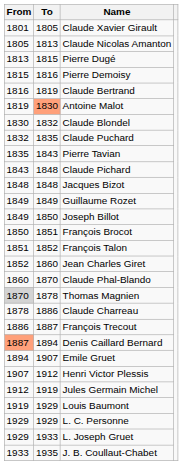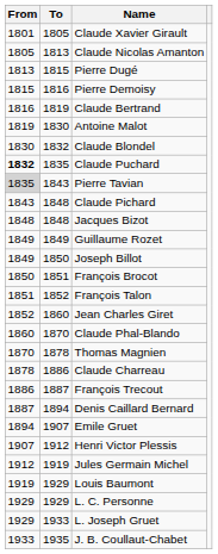 <table class="wikitable">
 <tr>
 <th>From</th>
 <th>To</th>
 <th>Name</th>
 <th></th>
 </tr>
 <tr>
 <td>1801</td>
 <td>1805</td>
 <td>Claude Xavier Girault</td>
 </tr>
 <tr>
 <td>1805</td>
 <td>1813</td>
 <td>Claude Nicolas Amanton</td>
 </tr>
 <tr>
 <td>1813</td>
 <td>1815</td>
 <td>Pierre Dugé</td>
 </tr>
 <tr>
 <td>1815</td>
 <td>1816</td>
 <td>Pierre Demoisy</td>
 </tr>
 <tr>
 <td>1816</td>
 <td>1819</td>
 <td>Claude Bertrand</td>
 </tr>
 <tr>
 <td>1819</td>
-<td style="background: lightsalmon;">1830</td>
+<td>1830</td>
 <td>Antoine Malot</td>
 </tr>
 <tr>
 <td>1830</td>
 <td>1832</td>
 <td>Claude Blondel</td>
 </tr>
 <tr>
-<td>1832</td>
+<td><strong>1832</strong></td>
 <td>1835</td>
 <td>Claude Puchard</td>
 </tr>
 <tr>
-<td>1835</td>
+<td style="background: lightgrey;">1835</td>
 <td>1843</td>
 <td>Pierre Tavian</td>
 </tr>
 <tr>
 <td>1843</td>
 <td>1848</td>
 <td>Claude Pichard</td>
 </tr>
 <tr>
 <td>1848</td>
 <td>1848</td>
 <td>Jacques Bizot</td>
 </tr>
 <tr>
 <td>1849</td>
 <td>1849</td>
 <td>Guillaume Rozet</td>
 </tr>
 <tr>
 <td>1849</td>
 <td>1850</td>
 <td>Joseph Billot</td>
 </tr>
 <tr>
 <td>1850</td>
 <td>1851</td>
 <td>François Brocot</td>
 </tr>
 <tr>
 <td>1851</td>
 <td>1852</td>
 <td>François Talon</td>
 </tr>
 <tr>
 <td>1852</td>
 <td>1860</td>
 <td>Jean Charles Giret</td>
 </tr>
 <tr>
 <td>1860</td>
 <td>1870</td>
 <td>Claude Phal-Blando</td>
 </tr>
 <tr>
-<td style="background: lightgrey;">1870</td>
+<td>1870</td>
 <td>1878</td>
 <td>Thomas Magnien</td>
 </tr>
 <tr>
 <td>1878</td>
 <td>1886</td>
 <td>Claude Charreau</td>
 </tr>
 <tr>
 <td>1886</td>
 <td>1887</td>
 <td>François Trecout</td>
 </tr>
 <tr>
-<td style="background: lightsalmon;">1887</td>
+<td>1887</td>
 <td>1894</td>
 <td>Denis Caillard Bernard</td>
 </tr>
 <tr>
 <td>1894</td>
 <td>1907</td>
 <td>Emile Gruet</td>
 </tr>
 <tr>
 <td>1907</td>
 <td>1912</td>
 <td>Henri Victor Plessis</td>
 </tr>
 <tr>
 <td>1912</td>
 <td>1919</td>
 <td>Jules Germain Michel</td>
 </tr>
 <tr>
 <td>1919</td>
 <td>1929</td>
 <td>Louis Baumont</td>
 </tr>
 <tr>
 <td>1929</td>
 <td>1929</td>
 <td>L. C. Personne</td>
 </tr>
 <tr>
 <td>1929</td>
 <td>1933</td>
 <td>L. Joseph Gruet</td>
 </tr>
 <tr>
 <td>1933</td>
 <td>1935</td>
 <td>J. B. Coullaut-Chabet</td>
 </tr>
 </table>
